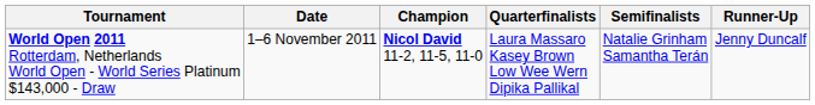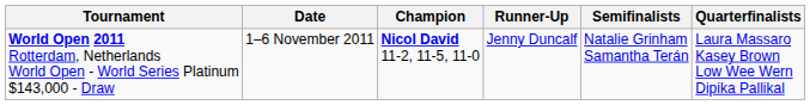 <table class="wikitable" style="font-size:88%">
 <tr>
 <th>Tournament</th>
 <th>Date</th>
 <th>Champion</th>
+<th>Runner-Up</th>
+<th>Semifinalists</th>
 <th>Quarterfinalists</th>
-<th>Semifinalists</th>
-<th>Runner-Up</th>
 </tr>
 <tr valign=top>
 <td><strong><a href='#'>World Open</a> <a href='#'>2011</a></strong><br> <a href='#'>Rotterdam</a>, Netherlands<br><a href='#'>World Open</a> - <a href='#'>World Series</a> Platinum<br>$143,000 - <a href='#'>Draw</a></td>
 <td>1–6 November 2011</td>
 <td> <strong><a href='#'>Nicol David</a></strong><br>11-2, 11-5, 11-0</td>
+<td> <a href='#'>Jenny Duncalf</a></td>
+<td> <a href='#'>Natalie Grinham</a><br> <a href='#'>Samantha Terán</a></td>
 <td> <a href='#'>Laura Massaro</a><br> <a href='#'>Kasey Brown</a><br> <a href='#'>Low Wee Wern</a><br> <a href='#'>Dipika Pallikal</a></td>
-<td> <a href='#'>Natalie Grinham</a><br> <a href='#'>Samantha Terán</a></td>
-<td> <a href='#'>Jenny Duncalf</a></td>
 </tr>
 </table>
